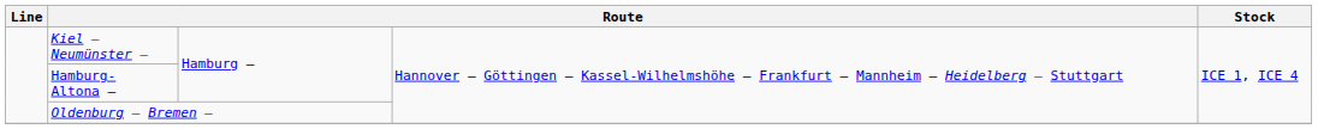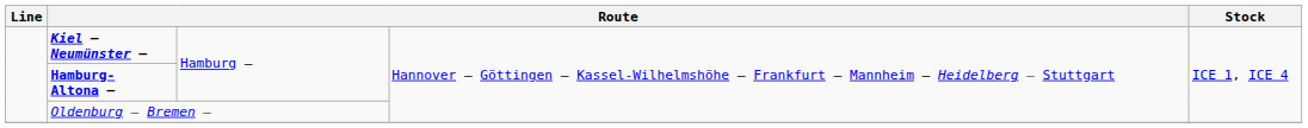 <table class="wikitable" width="100%">
 <tr class="hintergrundfarbe5">
 <th>Line</th>
 <th colspan="3">Route</th>
 <th>Stock</th>
 </tr>
 <tr>
 <td rowspan="3"></td>
-<td width="120"><em><a href='#'>Kiel</a> – <a href='#'>Neumünster</a> –</em></td>
+<td width="120"><strong><em><a href='#'>Kiel</a> – <a href='#'>Neumünster</a> –</em></strong></td>
 <td width="200" rowspan="2"> <a href='#'>Hamburg</a> –</td>
 <td rowspan="3"><a href='#'>Hannover</a> – <a href='#'>Göttingen</a> – <a href='#'>Kassel-Wilhelmshöhe</a> – <a href='#'>Frankfurt</a> –  <a href='#'>Mannheim</a> – <em><a href='#'>Heidelberg</a> –</em> <a href='#'>Stuttgart</a></td>
 <td rowspan="3"><a href='#'>ICE 1</a>, <a href='#'>ICE 4</a></td>
 </tr>
 <tr>
-<td><a href='#'>Hamburg-Altona</a> –</td>
+<td><strong><a href='#'>Hamburg-Altona</a> –</strong></td>
 </tr>
 <tr>
 <td colspan="2"><em><a href='#'>Oldenburg</a> – <a href='#'>Bremen</a> –</em></td>
 </tr>
 <tr>
 </tr>
 </table>
